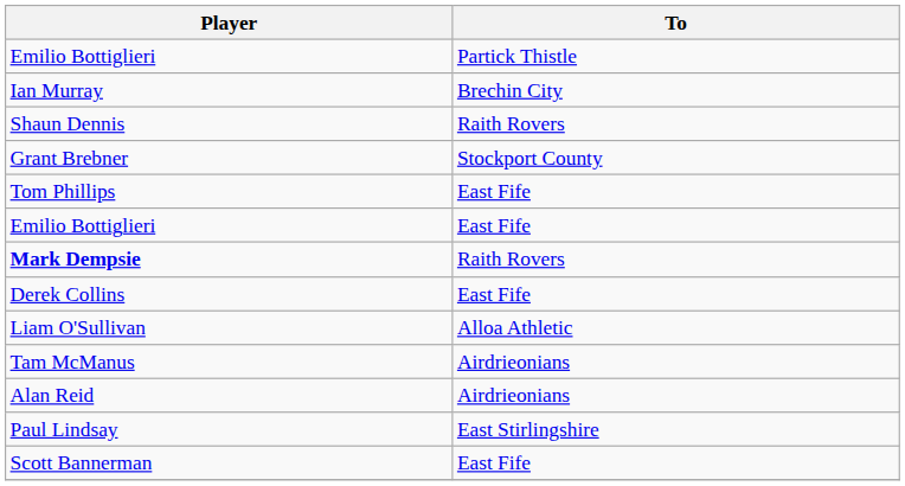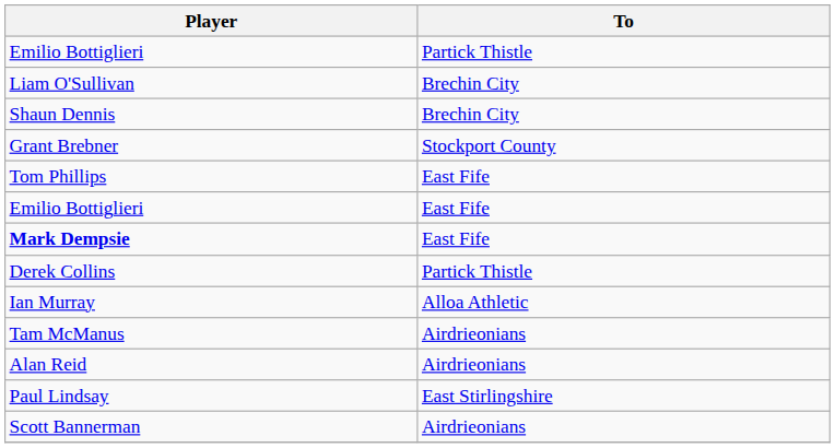 <table class="wikitable" style="text-align:center; font-size:95%;width:75%; text-align:left">
 <tr>
 <th><strong>Player</strong></th>
 <th><strong>To</strong></th>
 </tr>
 <tr --->
 <td> <a href='#'>Emilio Bottiglieri</a></td>
 <td><a href='#'>Partick Thistle</a></td>
 </tr>
 <tr>
-<td> <a href='#'>Ian Murray</a></td>
+<td> <a href='#'>Liam O'Sullivan</a></td>
 <td><a href='#'>Brechin City</a></td>
 </tr>
 <tr>
 <td> <a href='#'>Shaun Dennis</a></td>
-<td><a href='#'>Raith Rovers</a></td>
+<td><a href='#'>Brechin City</a></td>
 </tr>
 <tr>
 <td> <a href='#'>Grant Brebner</a></td>
 <td><a href='#'>Stockport County</a></td>
 </tr>
 <tr>
 <td> <a href='#'>Tom Phillips</a></td>
 <td><a href='#'>East Fife</a></td>
 </tr>
 <tr>
 <td> <a href='#'>Emilio Bottiglieri</a></td>
 <td><a href='#'>East Fife</a></td>
 </tr>
 <tr>
 <td><strong> <a href='#'>Mark Dempsie</a></strong></td>
-<td><a href='#'>Raith Rovers</a></td>
+<td><a href='#'>East Fife</a></td>
 </tr>
 <tr>
 <td> <a href='#'>Derek Collins</a></td>
-<td><a href='#'>East Fife</a></td>
+<td><a href='#'>Partick Thistle</a></td>
 </tr>
 <tr>
-<td> <a href='#'>Liam O'Sullivan</a></td>
+<td> <a href='#'>Ian Murray</a></td>
 <td><a href='#'>Alloa Athletic</a></td>
 </tr>
 <tr>
 <td> <a href='#'>Tam McManus</a></td>
 <td><a href='#'>Airdrieonians</a></td>
 </tr>
 <tr>
 <td> <a href='#'>Alan Reid</a></td>
 <td><a href='#'>Airdrieonians</a></td>
 </tr>
 <tr>
 <td> <a href='#'>Paul Lindsay</a></td>
 <td><a href='#'>East Stirlingshire</a></td>
 </tr>
 <tr>
 <td> <a href='#'>Scott Bannerman</a></td>
-<td><a href='#'>East Fife</a></td>
+<td><a href='#'>Airdrieonians</a></td>
 </tr>
 <tr>
 </tr>
 </table>
